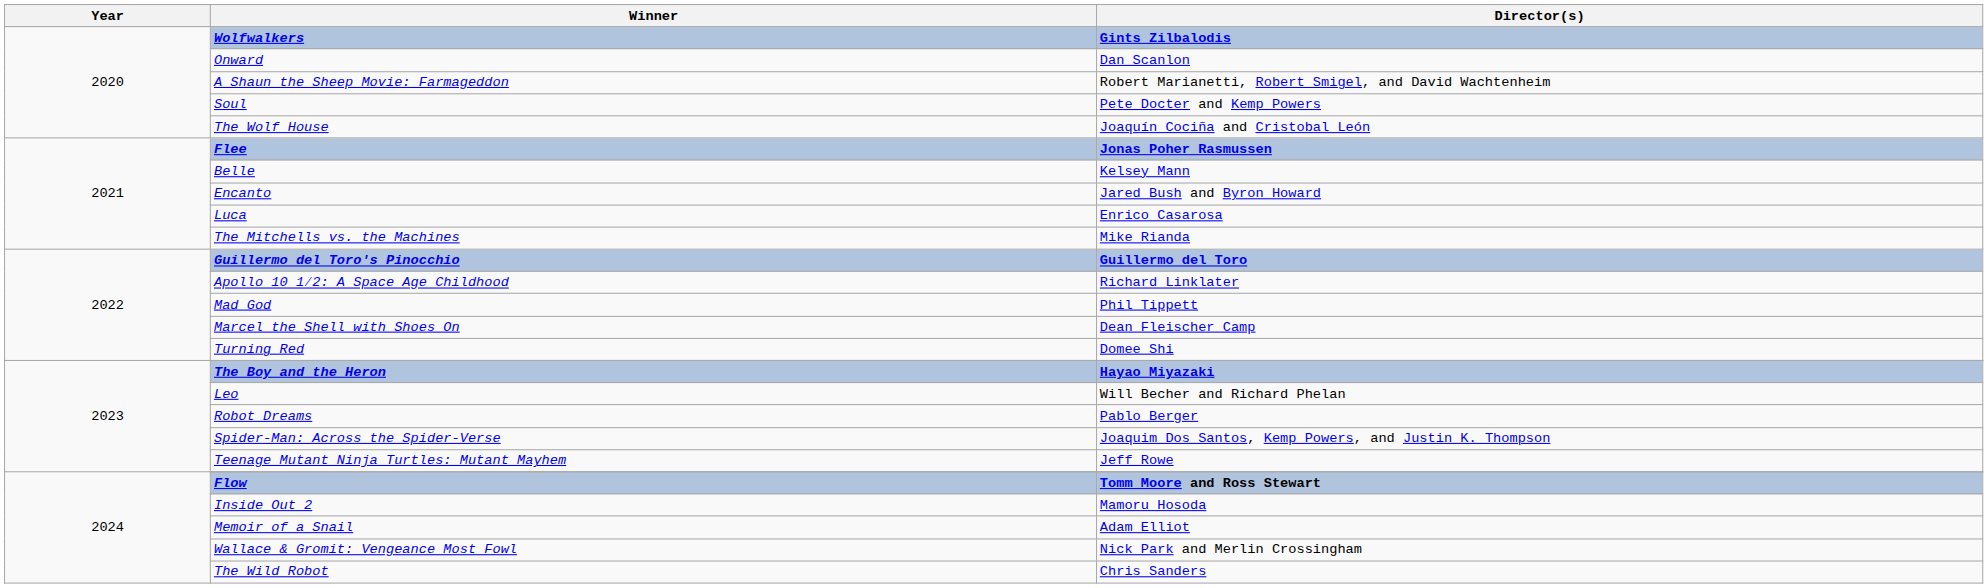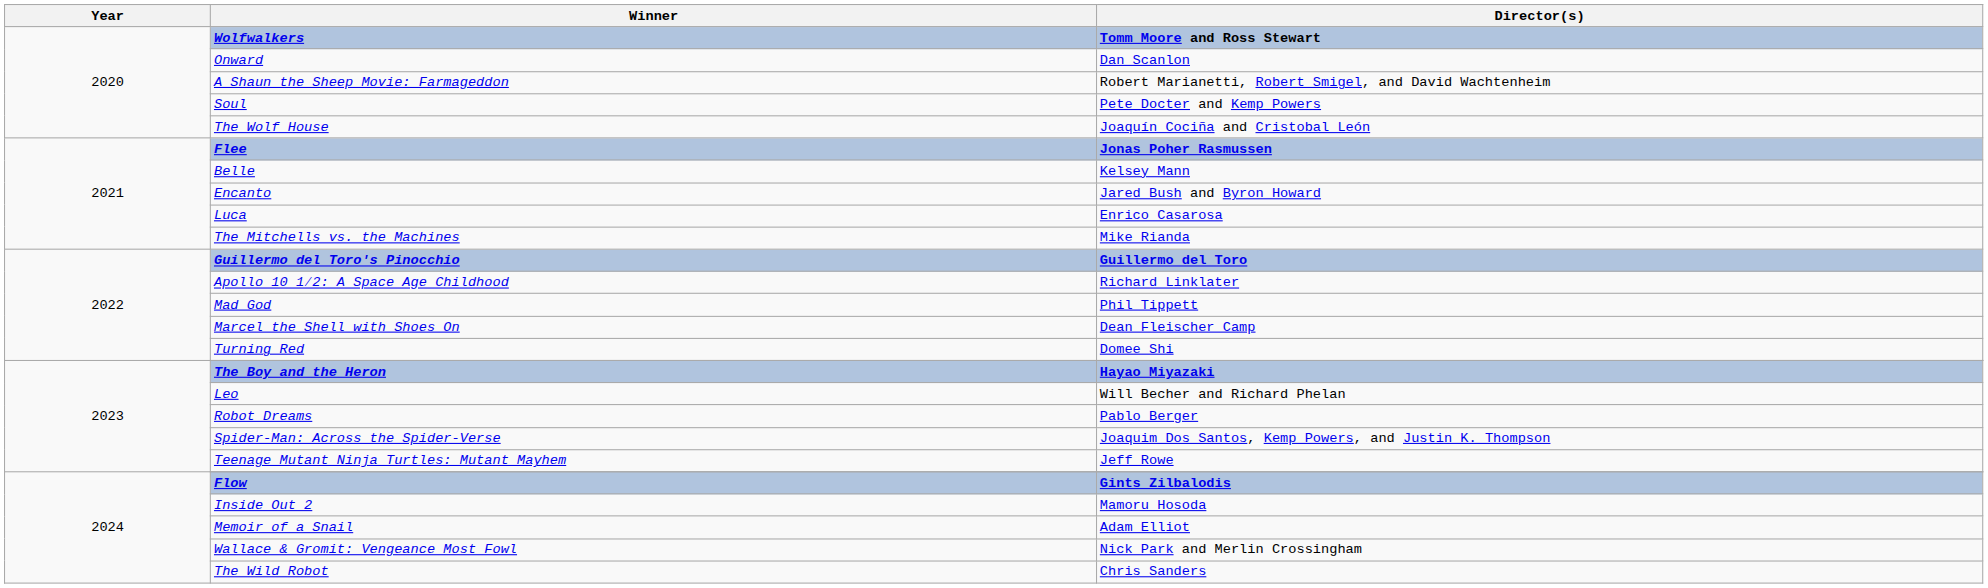 <table class="wikitable" width="95%" cellpadding="5">
 <tr>
 <th width="100"><strong>Year</strong></th>
 <th width="450"><strong>Winner</strong></th>
 <th width="450"><strong>Director(s)</strong></th>
 </tr>
 <tr>
 <td rowspan="5" style="text-align:center;">2020</td>
 <td style="background:#B0C4DE;"><strong><em><a href='#'>Wolfwalkers</a></em></strong></td>
-<td style="background:#B0C4DE;"><strong><a href='#'>Gints Zilbalodis</a></strong></td>
+<td style="background:#B0C4DE;"><strong><a href='#'>Tomm Moore</a> and Ross Stewart</strong></td>
 </tr>
 <tr>
 <td><em><a href='#'>Onward</a></em></td>
 <td><a href='#'>Dan Scanlon</a></td>
 </tr>
 <tr>
 <td><em><a href='#'>A Shaun the Sheep Movie: Farmageddon</a></em></td>
 <td>Robert Marianetti, <a href='#'>Robert Smigel</a>, and David Wachtenheim</td>
 </tr>
 <tr>
 <td><em><a href='#'>Soul</a></em></td>
 <td><a href='#'>Pete Docter</a> and <a href='#'>Kemp Powers</a></td>
 </tr>
 <tr>
 <td><em><a href='#'>The Wolf House</a></em></td>
 <td><a href='#'>Joaquín Cociña</a> and <a href='#'>Cristobal León</a></td>
 </tr>
 <tr>
 <td rowspan="5" style="text-align:center;">2021</td>
 <td style="background:#B0C4DE;"><strong><em><a href='#'>Flee</a></em></strong></td>
 <td style="background:#B0C4DE;"><strong><a href='#'>Jonas Poher Rasmussen</a></strong></td>
 </tr>
 <tr>
 <td><em><a href='#'>Belle</a></em></td>
 <td><a href='#'>Kelsey Mann</a></td>
 </tr>
 <tr>
 <td><em><a href='#'>Encanto</a></em></td>
 <td><a href='#'>Jared Bush</a> and <a href='#'>Byron Howard</a></td>
 </tr>
 <tr>
 <td><em><a href='#'>Luca</a></em></td>
 <td><a href='#'>Enrico Casarosa</a></td>
 </tr>
 <tr>
 <td><em><a href='#'>The Mitchells vs. the Machines</a></em></td>
 <td><a href='#'>Mike Rianda</a></td>
 </tr>
 <tr>
 <td rowspan="5" style="text-align:center;">2022</td>
 <td style="background:#B0C4DE;"><strong><em><a href='#'>Guillermo del Toro's Pinocchio</a></em></strong></td>
 <td style="background:#B0C4DE;"><strong><a href='#'>Guillermo del Toro</a></strong></td>
 </tr>
 <tr>
 <td><em><a href='#'>Apollo 10 1⁄2: A Space Age Childhood</a></em></td>
 <td><a href='#'>Richard Linklater</a></td>
 </tr>
 <tr>
 <td><em><a href='#'>Mad God</a></em></td>
 <td><a href='#'>Phil Tippett</a></td>
 </tr>
 <tr>
 <td><em><a href='#'>Marcel the Shell with Shoes On</a></em></td>
 <td><a href='#'>Dean Fleischer Camp</a></td>
 </tr>
 <tr>
 <td><em><a href='#'>Turning Red</a></em></td>
 <td><a href='#'>Domee Shi</a></td>
 </tr>
 <tr>
 <td rowspan="6" style="text-align:center;">2023</td>
 </tr>
 <tr>
 <td style="background:#B0C4DE;"><strong><em><a href='#'>The Boy and the Heron</a></em></strong></td>
 <td style="background:#B0C4DE;"><strong><a href='#'>Hayao Miyazaki</a></strong></td>
 </tr>
 <tr>
 <td><em><a href='#'>Leo</a></em></td>
 <td>Will Becher and Richard Phelan</td>
 </tr>
 <tr>
 <td><em><a href='#'>Robot Dreams</a></em></td>
 <td><a href='#'>Pablo Berger</a></td>
 </tr>
 <tr>
 <td><em><a href='#'>Spider-Man: Across the Spider-Verse</a></em></td>
 <td><a href='#'>Joaquim Dos Santos</a>, <a href='#'>Kemp Powers</a>, and <a href='#'>Justin K. Thompson</a></td>
 </tr>
 <tr>
 <td><em><a href='#'>Teenage Mutant Ninja Turtles: Mutant Mayhem</a></em></td>
 <td><a href='#'>Jeff Rowe</a></td>
 </tr>
 <tr>
 <td rowspan="6" style="text-align:center;">2024</td>
 </tr>
 <tr>
 <td style="background:#B0C4DE;"><strong><em><a href='#'>Flow</a></em></strong></td>
-<td style="background:#B0C4DE;"><strong><a href='#'>Tomm Moore</a> and Ross Stewart</strong></td>
+<td style="background:#B0C4DE;"><strong><a href='#'>Gints Zilbalodis</a></strong></td>
 </tr>
 <tr>
 <td><em><a href='#'>Inside Out 2</a></em></td>
 <td><a href='#'>Mamoru Hosoda</a></td>
 </tr>
 <tr>
 <td><em><a href='#'>Memoir of a Snail</a></em></td>
 <td><a href='#'>Adam Elliot</a></td>
 </tr>
 <tr>
 <td><em><a href='#'>Wallace & Gromit: Vengeance Most Fowl</a></em></td>
 <td><a href='#'>Nick Park</a> and Merlin Crossingham</td>
 </tr>
 <tr>
 <td><em><a href='#'>The Wild Robot</a></em></td>
 <td><a href='#'>Chris Sanders</a></td>
 </tr>
 </table>
